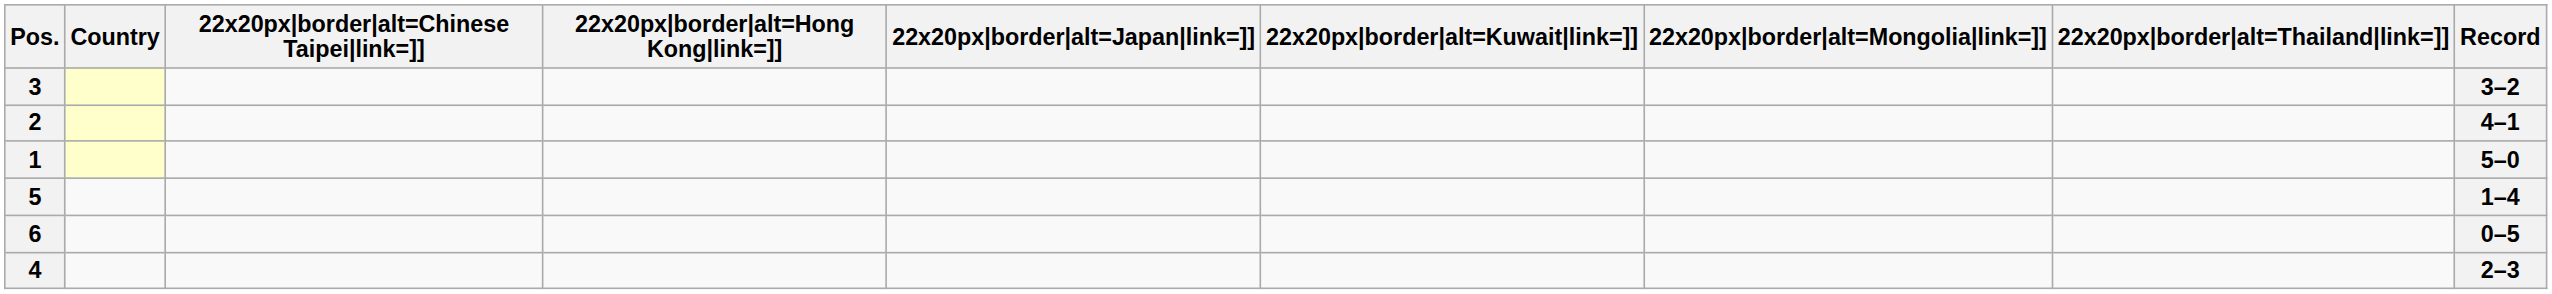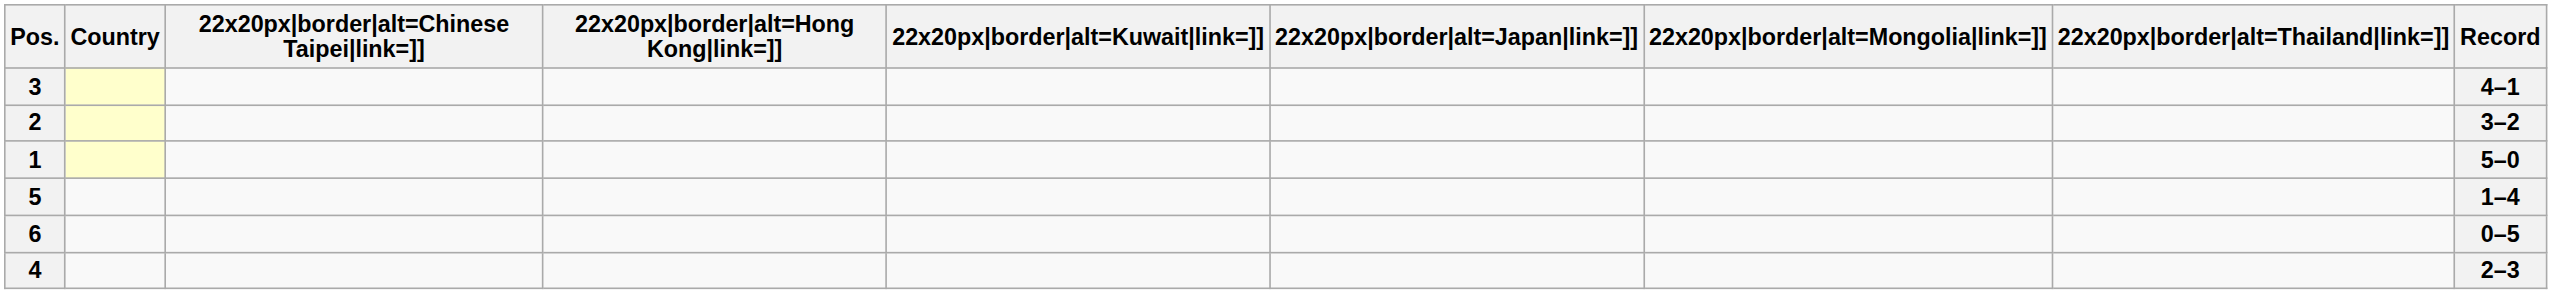 <table class="wikitable sortable nowrap" style="text-align:center; font-size:0.9em">
 <tr>
 <th>Pos.</th>
 <th>Country</th>
 <th [[Image:>22x20px|border|alt=Chinese Taipei|link=]]</th>
 <th [[Image:>22x20px|border|alt=Hong Kong|link=]]</th>
+<th [[Image:>22x20px|border|alt=Kuwait|link=]]</th>
 <th [[Image:>22x20px|border|alt=Japan|link=]]</th>
-<th [[Image:>22x20px|border|alt=Kuwait|link=]]</th>
 <th [[Image:>22x20px|border|alt=Mongolia|link=]]</th>
 <th [[Image:>22x20px|border|alt=Thailand|link=]]</th>
 <th>Record</th>
 </tr>
 <tr>
 <th>3</th>
 <td style="text-align:left; background:#ffffcc;"></td>
 <td></td>
 <td></td>
 <td></td>
 <td></td>
 <td></td>
 <td></td>
-<th>3–2</th>
+<th>4–1</th>
 </tr>
 <tr>
 <th>2</th>
 <td style="text-align:left; background:#ffffcc;"></td>
 <td></td>
 <td></td>
 <td></td>
 <td></td>
 <td></td>
 <td></td>
-<th>4–1</th>
+<th>3–2</th>
 </tr>
 <tr>
 <th>1</th>
 <td style="text-align:left; background:#ffffcc;"></td>
 <td></td>
 <td></td>
 <td></td>
 <td></td>
 <td></td>
 <td></td>
 <th>5–0</th>
 </tr>
 <tr>
 <th>5</th>
 <td style="text-align:left;"></td>
 <td></td>
 <td></td>
 <td></td>
 <td></td>
 <td></td>
 <td></td>
 <th>1–4</th>
 </tr>
 <tr>
 <th>6</th>
 <td style="text-align:left;"></td>
 <td></td>
 <td></td>
 <td></td>
 <td></td>
 <td></td>
 <td></td>
 <th>0–5</th>
 </tr>
 <tr>
 <th>4</th>
 <td style="text-align:left;"></td>
 <td></td>
 <td></td>
 <td></td>
 <td></td>
 <td></td>
 <td></td>
 <th>2–3</th>
 </tr>
 </table>
